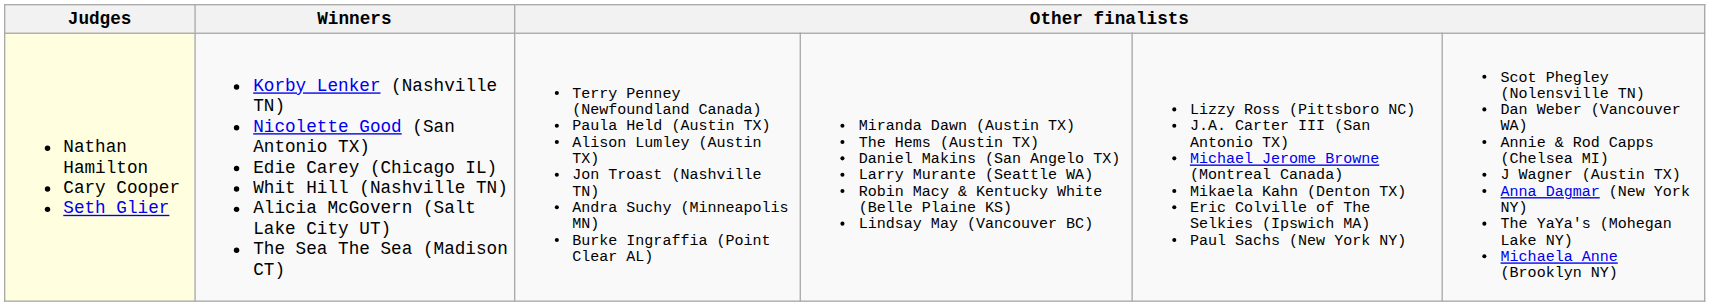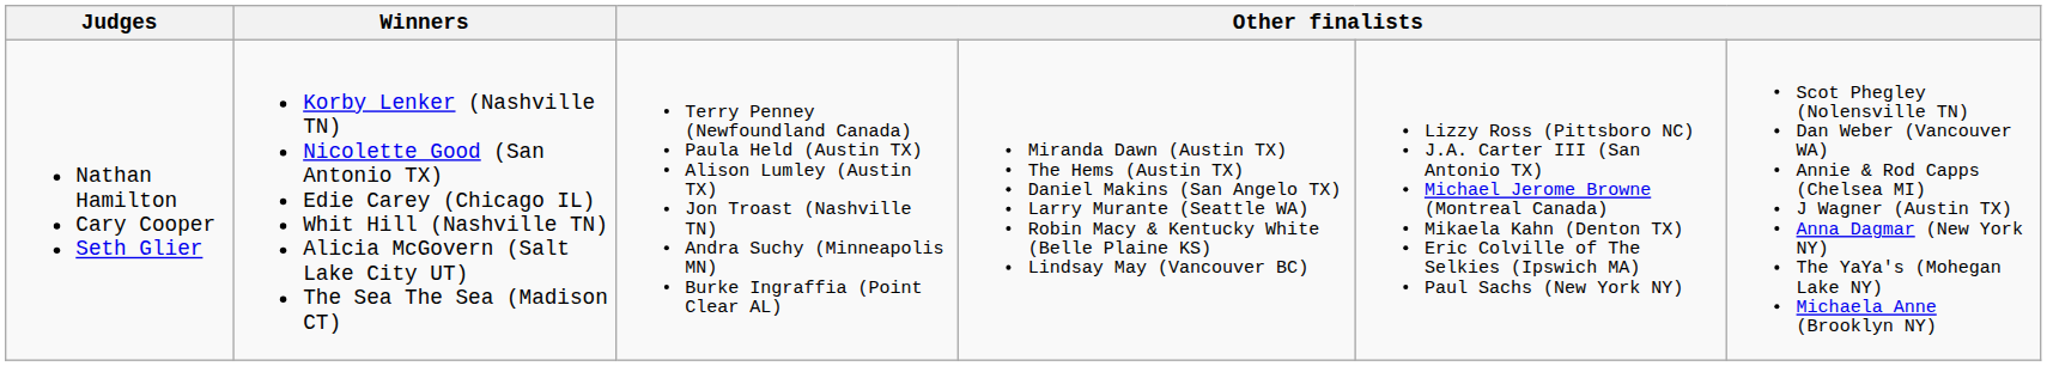 <table class="wikitable mw-collapsible mw-collapsed" style="text-align:left">
 <tr>
 <th>Judges</th>
 <th>Winners</th>
 <th colspan="4" align="center">Other finalists</th>
 </tr>
 <tr>
-<td style="background: lightyellow;"><br><ul><li>Nathan Hamilton</li><li>Cary Cooper</li><li><a href='#'>Seth Glier</a></li></ul></td>
+<td><br><ul><li>Nathan Hamilton</li><li>Cary Cooper</li><li><a href='#'>Seth Glier</a></li></ul></td>
 <td><br><ul><li><a href='#'>Korby Lenker</a> (Nashville TN)</li><li><a href='#'>Nicolette Good</a> (San Antonio TX)</li><li>Edie Carey (Chicago IL)</li><li>Whit Hill (Nashville TN)</li><li>Alicia McGovern (Salt Lake City UT)</li><li>The Sea The Sea (Madison CT)</li></ul></td>
 <td style="font-size:85%"><br><ul><li>Terry Penney (Newfoundland Canada)</li><li>Paula Held (Austin TX)</li><li>Alison Lumley (Austin TX)</li><li>Jon Troast (Nashville TN)</li><li>Andra Suchy (Minneapolis MN)</li><li>Burke Ingraffia (Point Clear AL)</li></ul></td>
 <td style="font-size:85%"><br><ul><li>Miranda Dawn (Austin TX)</li><li>The Hems (Austin TX)</li><li>Daniel Makins (San Angelo TX)</li><li>Larry Murante (Seattle WA)</li><li>Robin Macy & Kentucky White (Belle Plaine KS)</li><li>Lindsay May (Vancouver BC)</li></ul></td>
 <td style="font-size:85%"><br><ul><li>Lizzy Ross (Pittsboro NC)</li><li>J.A. Carter III (San Antonio TX)</li><li><a href='#'>Michael Jerome Browne</a> (Montreal Canada)</li><li>Mikaela Kahn (Denton TX)</li><li>Eric Colville of The Selkies (Ipswich MA)</li><li>Paul Sachs (New York NY)</li></ul></td>
 <td style="font-size:85%"><br><ul><li>Scot Phegley (Nolensville TN)</li><li>Dan Weber (Vancouver WA)</li><li>Annie & Rod Capps (Chelsea MI)</li><li>J Wagner (Austin TX)</li><li><a href='#'>Anna Dagmar</a> (New York NY)</li><li>The YaYa's (Mohegan Lake NY)</li><li><a href='#'>Michaela Anne</a> (Brooklyn NY)</li></ul></td>
 </tr>
 </table>
